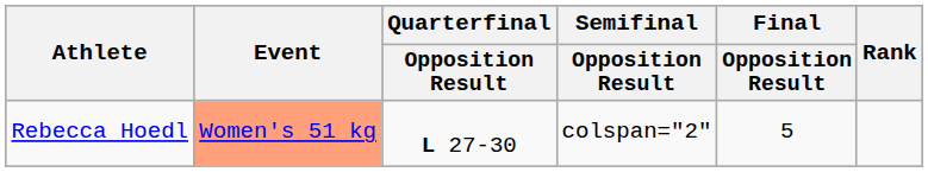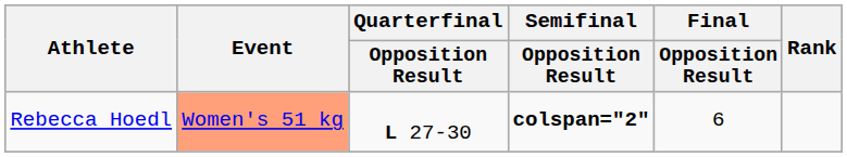 <table class="wikitable" style="text-align:center; font-size:90%">
 <tr>
 <th rowspan="2">Athlete</th>
 <th rowspan="2">Event</th>
 <th>Quarterfinal</th>
 <th>Semifinal</th>
 <th>Final</th>
 <th rowspan="2">Rank</th>
 </tr>
 <tr style="font-size:95%">
 <th>Opposition<br>Result</th>
 <th>Opposition<br>Result</th>
 <th>Opposition<br>Result</th>
 </tr>
 <tr>
 <td align="left"><a href='#'>Rebecca Hoedl</a></td>
 <td align="left" style="background: lightsalmon;"><a href='#'>Women's 51 kg</a></td>
 <td><br><strong>L</strong> 27-30</td>
-<td>colspan="2" </td>
-<td>5</td>
+<td><strong>colspan="2" </strong></td>
+<td>6</td>
 </tr>
 </table>
